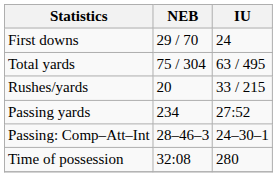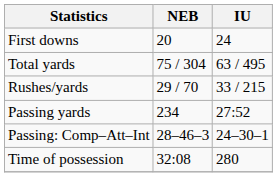 <table class="wikitable" style="float: left;">
 <tr>
 <th>Statistics</th>
 <th>NEB</th>
 <th>IU</th>
 </tr>
 <tr>
 <td>First downs</td>
-<td>29 / 70</td>
+<td>20</td>
 <td>24</td>
 </tr>
 <tr>
 <td>Total yards</td>
 <td>75 / 304</td>
 <td>63 / 495</td>
 </tr>
 <tr>
 <td>Rushes/yards</td>
-<td>20</td>
+<td>29 / 70</td>
 <td>33 / 215</td>
 </tr>
 <tr>
 <td>Passing yards</td>
 <td>234</td>
 <td>27:52</td>
 </tr>
 <tr>
 <td>Passing: Comp–Att–Int</td>
 <td>28–46–3</td>
 <td>24–30–1</td>
 </tr>
 <tr>
 <td>Time of possession</td>
 <td>32:08</td>
 <td>280</td>
 </tr>
 <tr>
 </tr>
 </table>
